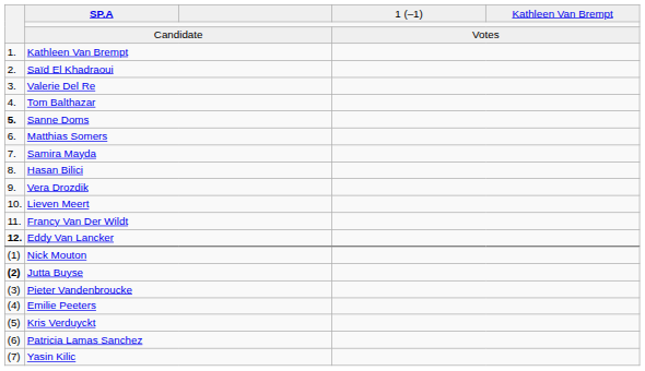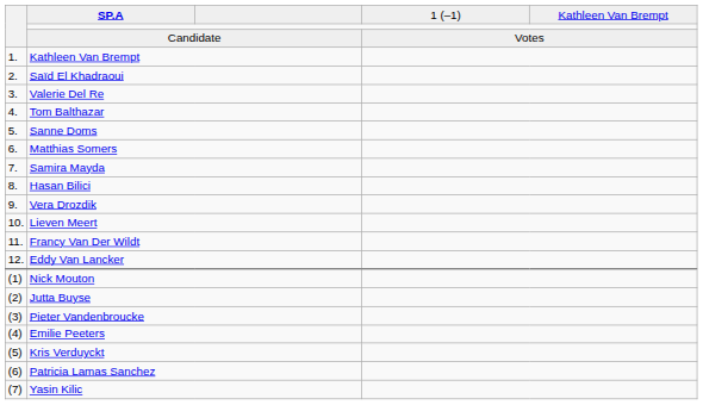 <table class="wikitable collapsible collapsed" style=text-align:left;font-size:90%>
 <tr>
 <th rowspan=3></th>
 <td bgcolor=efefef width=200 align=center><strong> <a href='#'>SP.A</a> </strong></td>
 <td bgcolor=efefef width=200 align=center></td>
 <td bgcolor=efefef width=200 align=center>1 (–1)</td>
 <td bgcolor=efefef width=200 align=center><a href='#'>Kathleen Van Brempt</a></td>
 </tr>
 <tr>
 <td colspan=4 bgcolor=></td>
 </tr>
 <tr>
 <td bgcolor=efefef align=center colspan=2>Candidate</td>
 <td bgcolor=efefef align=center colspan=2>Votes</td>
 </tr>
 <tr>
 <td>1.</td>
 <td colspan=2><a href='#'>Kathleen Van Brempt</a></td>
 <td colspan=2></td>
 </tr>
 <tr>
 <td>2.</td>
 <td colspan=2><a href='#'>Saïd El Khadraoui</a></td>
 <td colspan=2></td>
 </tr>
 <tr>
 <td>3.</td>
 <td colspan=2><a href='#'>Valerie Del Re</a></td>
 <td colspan=2></td>
 </tr>
 <tr>
 <td>4.</td>
 <td colspan=2><a href='#'>Tom Balthazar</a></td>
 <td colspan=2></td>
 </tr>
 <tr>
-<td><strong>5.</strong></td>
+<td>5.</td>
 <td colspan=2><a href='#'>Sanne Doms</a></td>
 <td colspan=2></td>
 </tr>
 <tr>
 <td>6.</td>
 <td colspan=2><a href='#'>Matthias Somers</a></td>
 <td colspan=2></td>
 </tr>
 <tr>
 <td>7.</td>
 <td colspan=2><a href='#'>Samira Mayda</a></td>
 <td colspan=2></td>
 </tr>
 <tr>
 <td>8.</td>
 <td colspan=2><a href='#'>Hasan Bilici</a></td>
 <td colspan=2></td>
 </tr>
 <tr>
 <td>9.</td>
 <td colspan=2><a href='#'>Vera Drozdik</a></td>
 <td colspan=2></td>
 </tr>
 <tr>
 <td>10.</td>
 <td colspan=2><a href='#'>Lieven Meert</a></td>
 <td colspan=2></td>
 </tr>
 <tr>
 <td>11.</td>
 <td colspan=2><a href='#'>Francy Van Der Wildt</a></td>
 <td colspan=2></td>
 </tr>
 <tr>
-<td><strong>12.</strong></td>
+<td>12.</td>
 <td colspan=2><a href='#'>Eddy Van Lancker</a></td>
 <td colspan=2></td>
 </tr>
 <tr style="border-top:2px solid gray;">
 <td>(1)</td>
 <td colspan=2><a href='#'>Nick Mouton</a></td>
 <td colspan=2></td>
 </tr>
 <tr>
-<td><strong>(2)</strong></td>
+<td>(2)</td>
 <td colspan=2><a href='#'>Jutta Buyse</a></td>
 <td colspan=2></td>
 </tr>
 <tr>
 <td>(3)</td>
 <td colspan=2><a href='#'>Pieter Vandenbroucke</a></td>
 <td colspan=2></td>
 </tr>
 <tr>
 <td>(4)</td>
 <td colspan=2><a href='#'>Emilie Peeters</a></td>
 <td colspan=2></td>
 </tr>
 <tr>
 <td>(5)</td>
 <td colspan=2><a href='#'>Kris Verduyckt</a></td>
 <td colspan=2></td>
 </tr>
 <tr>
 <td>(6)</td>
 <td colspan=2><a href='#'>Patricia Lamas Sanchez</a></td>
 <td colspan=2></td>
 </tr>
 <tr>
 <td>(7)</td>
 <td colspan=2><a href='#'>Yasin Kilic</a></td>
 <td colspan=2></td>
 </tr>
 </table>
